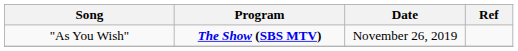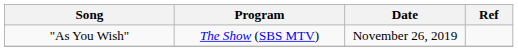 <table class="wikitable" style="text-align:center">
 <tr>
 <th width="200">Song</th>
 <th width="200">Program</th>
 <th width="140">Date</th>
 <th width="50">Ref</th>
 </tr>
 <tr>
 <td>"As You Wish"</td>
-<td><strong><em><a href='#'>The Show</a></em> (<a href='#'>SBS MTV</a>)</strong></td>
+<td><em><a href='#'>The Show</a></em> (<a href='#'>SBS MTV</a>)</td>
 <td>November 26, 2019</td>
 <td></td>
 </tr>
 <tr>
 </tr>
 </table>
